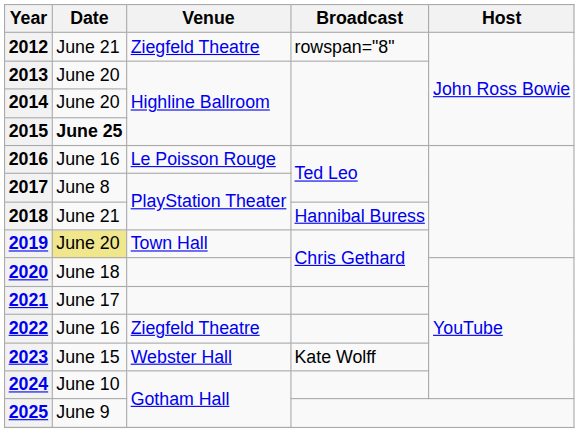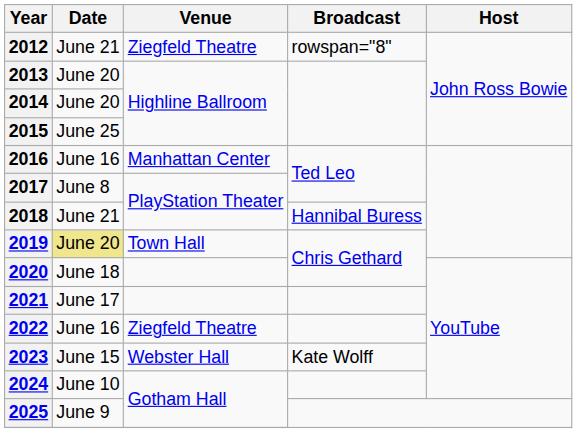 <table class="wikitable plainrowheaders">
 <tr>
 <th scope="col">Year</th>
 <th scope="col">Date</th>
 <th scope="col">Venue</th>
 <th scope="col">Broadcast</th>
 <th scope="col">Host</th>
 </tr>
 <tr>
 <th scope="row">2012</th>
 <td>June 21</td>
 <td><a href='#'>Ziegfeld Theatre</a></td>
 <td>rowspan="8" </td>
 <td rowspan="4"><a href='#'>John Ross Bowie</a></td>
 </tr>
 <tr>
 <th scope="row">2013</th>
 <td>June 20</td>
 <td rowspan="3"><a href='#'>Highline Ballroom</a></td>
 </tr>
 <tr>
 <th scope="row">2014</th>
 <td>June 20</td>
 </tr>
 <tr>
 <th scope="row">2015</th>
-<td><strong>June 25</strong></td>
+<td>June 25</td>
 </tr>
 <tr>
 <th scope="row">2016</th>
 <td>June 16</td>
-<td><a href='#'>Le Poisson Rouge</a></td>
+<td><a href='#'>Manhattan Center</a></td>
 <td rowspan="2"><a href='#'>Ted Leo</a></td>
 </tr>
 <tr>
 <th scope="row">2017</th>
 <td>June 8</td>
 <td rowspan="2"><a href='#'>PlayStation Theater</a></td>
 </tr>
 <tr>
 <th scope="row">2018</th>
 <td>June 21</td>
 <td><a href='#'>Hannibal Buress</a></td>
 </tr>
 <tr>
 <th scope="row"><a href='#'>2019</a></th>
 <td style="background: khaki;">June 20</td>
 <td><a href='#'>Town Hall</a></td>
 <td rowspan="2"><a href='#'>Chris Gethard</a></td>
 </tr>
 <tr>
 <th scope="row"><a href='#'>2020</a></th>
 <td>June 18</td>
 <td></td>
 <td rowspan="5"><a href='#'>YouTube</a></td>
 </tr>
 <tr>
 <th scope="row"><a href='#'>2021</a></th>
 <td>June 17</td>
 <td></td>
 <td></td>
 </tr>
 <tr>
 <th scope="row"><a href='#'>2022</a></th>
 <td>June 16</td>
 <td><a href='#'>Ziegfeld Theatre</a></td>
 <td></td>
 </tr>
 <tr>
 <th scope="row"><a href='#'>2023</a></th>
 <td>June 15</td>
 <td><a href='#'>Webster Hall</a></td>
 <td>Kate Wolff</td>
 </tr>
 <tr>
 <th scope="row"><a href='#'>2024</a></th>
 <td>June 10</td>
 <td rowspan="2"><a href='#'>Gotham Hall</a></td>
 <td></td>
 </tr>
 <tr>
 <th scope="row"><a href='#'>2025</a></th>
 <td>June 9</td>
 </tr>
 <tr>
 </tr>
 </table>
